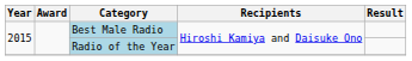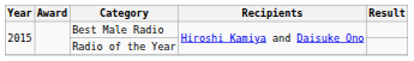 <table class="wikitable">
 <tr>
 <th>Year</th>
 <th>Award</th>
 <th>Category</th>
 <th>Recipients</th>
 <th>Result</th>
 </tr>
 <tr>
 <td rowspan="2">2015</td>
 <td rowspan="2"></td>
-<td style="background: lightblue;">Best Male Radio</td>
+<td>Best Male Radio</td>
 <td rowspan="2"><a href='#'>Hiroshi Kamiya</a> and <a href='#'>Daisuke Ono</a></td>
 <td></td>
 </tr>
 <tr>
-<td style="background: lightblue;">Radio of the Year</td>
+<td>Radio of the Year</td>
 <td></td>
 </tr>
 <tr>
 </tr>
 </table>
